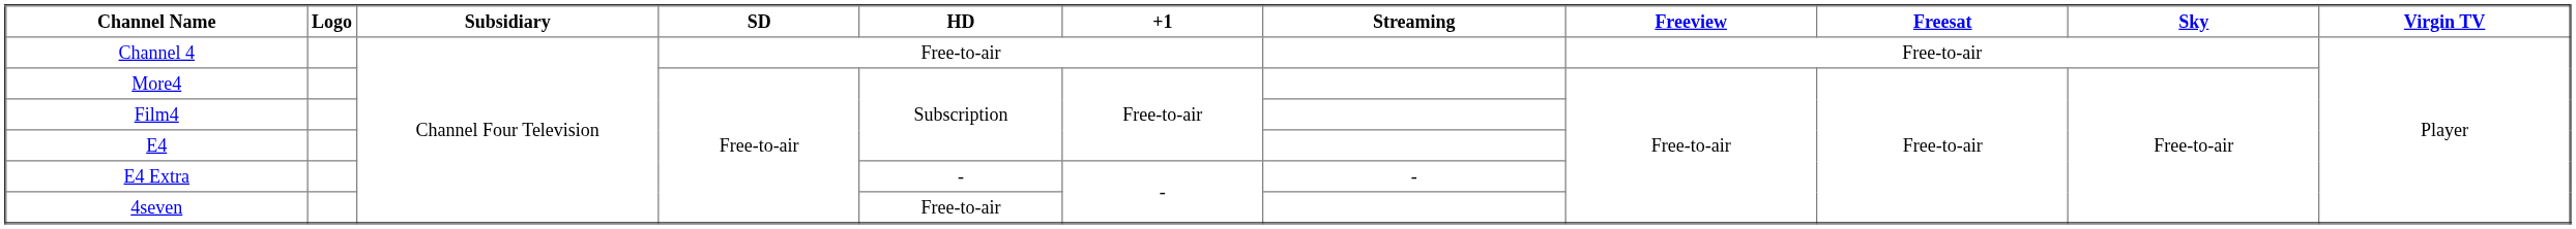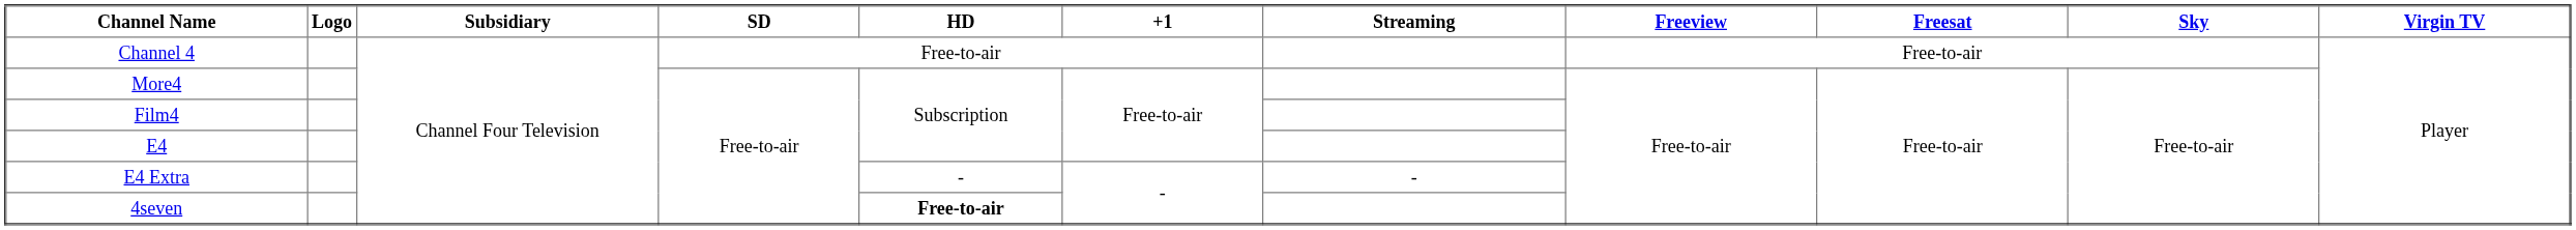 <table class="toccolours" border="2" cellpadding="3" style="border-collapse:collapse; font-size:90%; text-align:center; width:100%;">
 <tr>
 <th style="width:12%;">Channel Name</th>
 <th>Logo</th>
 <th style="width:12%;">Subsidiary</th>
 <th style="width:8%;">SD</th>
 <th style="width:8%;">HD</th>
 <th style="width:8%;">+1</th>
 <th style="width:12%;">Streaming</th>
 <th style="width:10%;"><a href='#'>Freeview</a></th>
 <th style="width:10%;"><a href='#'>Freesat</a></th>
 <th style="width:10%;"><a href='#'>Sky</a></th>
 <th style="width:10%;"><a href='#'>Virgin TV</a></th>
 </tr>
 <tr>
 <td><a href='#'>Channel 4</a></td>
 <td></td>
 <td rowspan="6">Channel Four Television</td>
 <td colspan="3">Free-to-air</td>
 <td></td>
 <td colspan="3">Free-to-air</td>
 <td rowspan="6">Player</td>
 </tr>
 <tr>
 <td><a href='#'>More4</a></td>
 <td></td>
 <td rowspan="5">Free-to-air</td>
 <td rowspan="3">Subscription</td>
 <td rowspan="3">Free-to-air</td>
 <td></td>
 <td rowspan="5">Free-to-air</td>
 <td rowspan="5">Free-to-air</td>
 <td rowspan="5">Free-to-air</td>
 </tr>
 <tr>
 <td><a href='#'>Film4</a></td>
 <td></td>
 <td></td>
 </tr>
 <tr>
 <td><a href='#'>E4</a></td>
 <td></td>
 <td></td>
 </tr>
 <tr>
 <td><a href='#'>E4 Extra</a></td>
 <td></td>
 <td>-</td>
 <td rowspan="2">-</td>
 <td>-</td>
 </tr>
 <tr>
 <td><a href='#'>4seven</a></td>
 <td></td>
-<td>Free-to-air</td>
+<td><strong>Free-to-air</strong></td>
 <td></td>
 </tr>
 </table>
